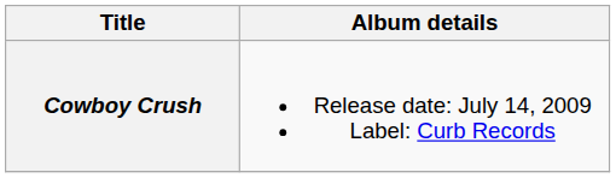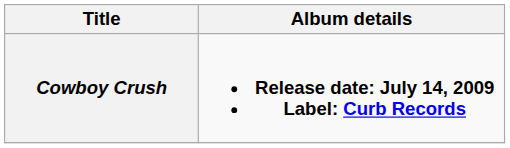 <table class="wikitable plainrowheaders" style="text-align:center;">
 <tr>
 <th style="width:10em;">Title</th>
 <th style="width:16em;">Album details</th>
 </tr>
 <tr>
 <th scope="row"><em>Cowboy Crush</em></th>
-<td><br><ul><li>Release date: July 14, 2009</li><li>Label: <a href='#'>Curb Records</a></li></ul></td>
+<td><strong><br><ul><li>Release date: July 14, 2009</li><li>Label: <a href='#'>Curb Records</a></li></ul></strong></td>
 </tr>
 <tr>
 </tr>
 </table>
